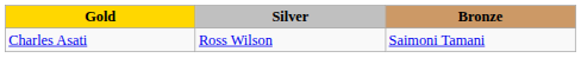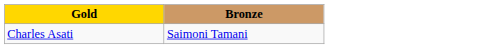 <table class="wikitable">
 <tr>
 <th scope=col style="background-color:gold; width:200px;">Gold</th>
-<th scope=col style="background-color:silver; width:200px;">Silver</th>
 <th scope=col style="background-color:#cc9966; width:200px;">Bronze</th>
 </tr>
 <tr>
 <td><a href='#'>Charles Asati</a><br><em></em></td>
-<td><a href='#'>Ross Wilson</a><br><em></em></td>
 <td><a href='#'>Saimoni Tamani</a><br><em></em></td>
 </tr>
 </table>
